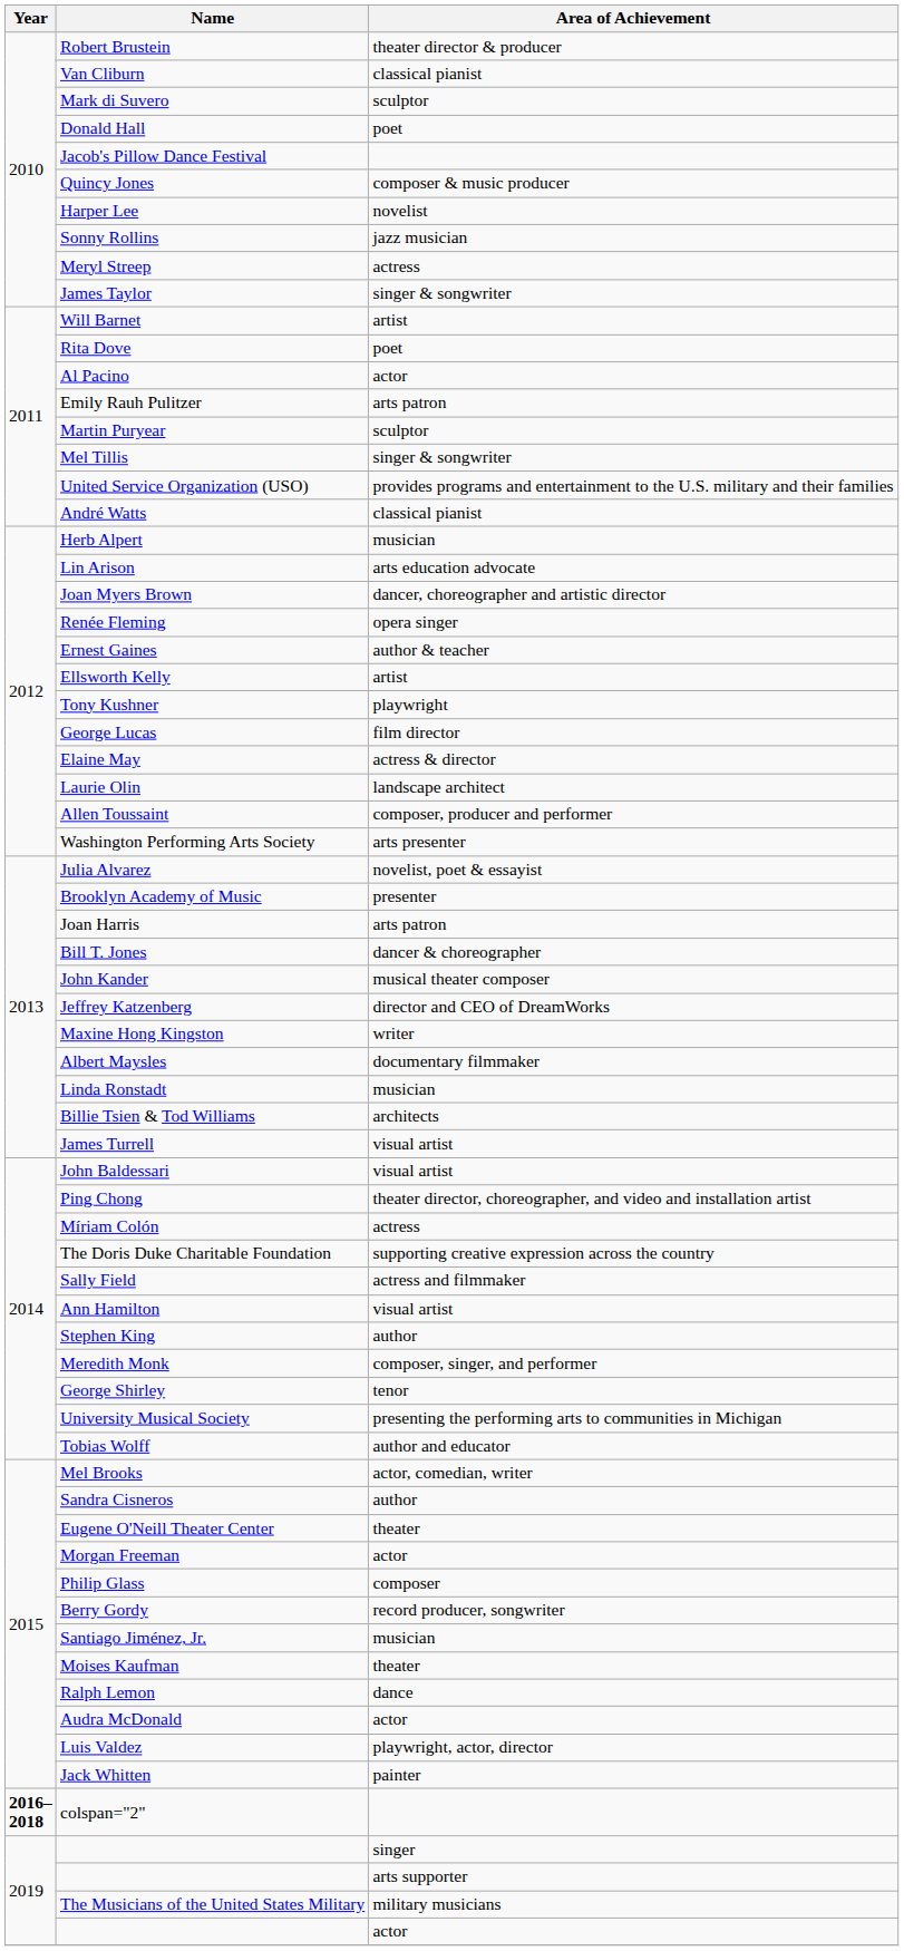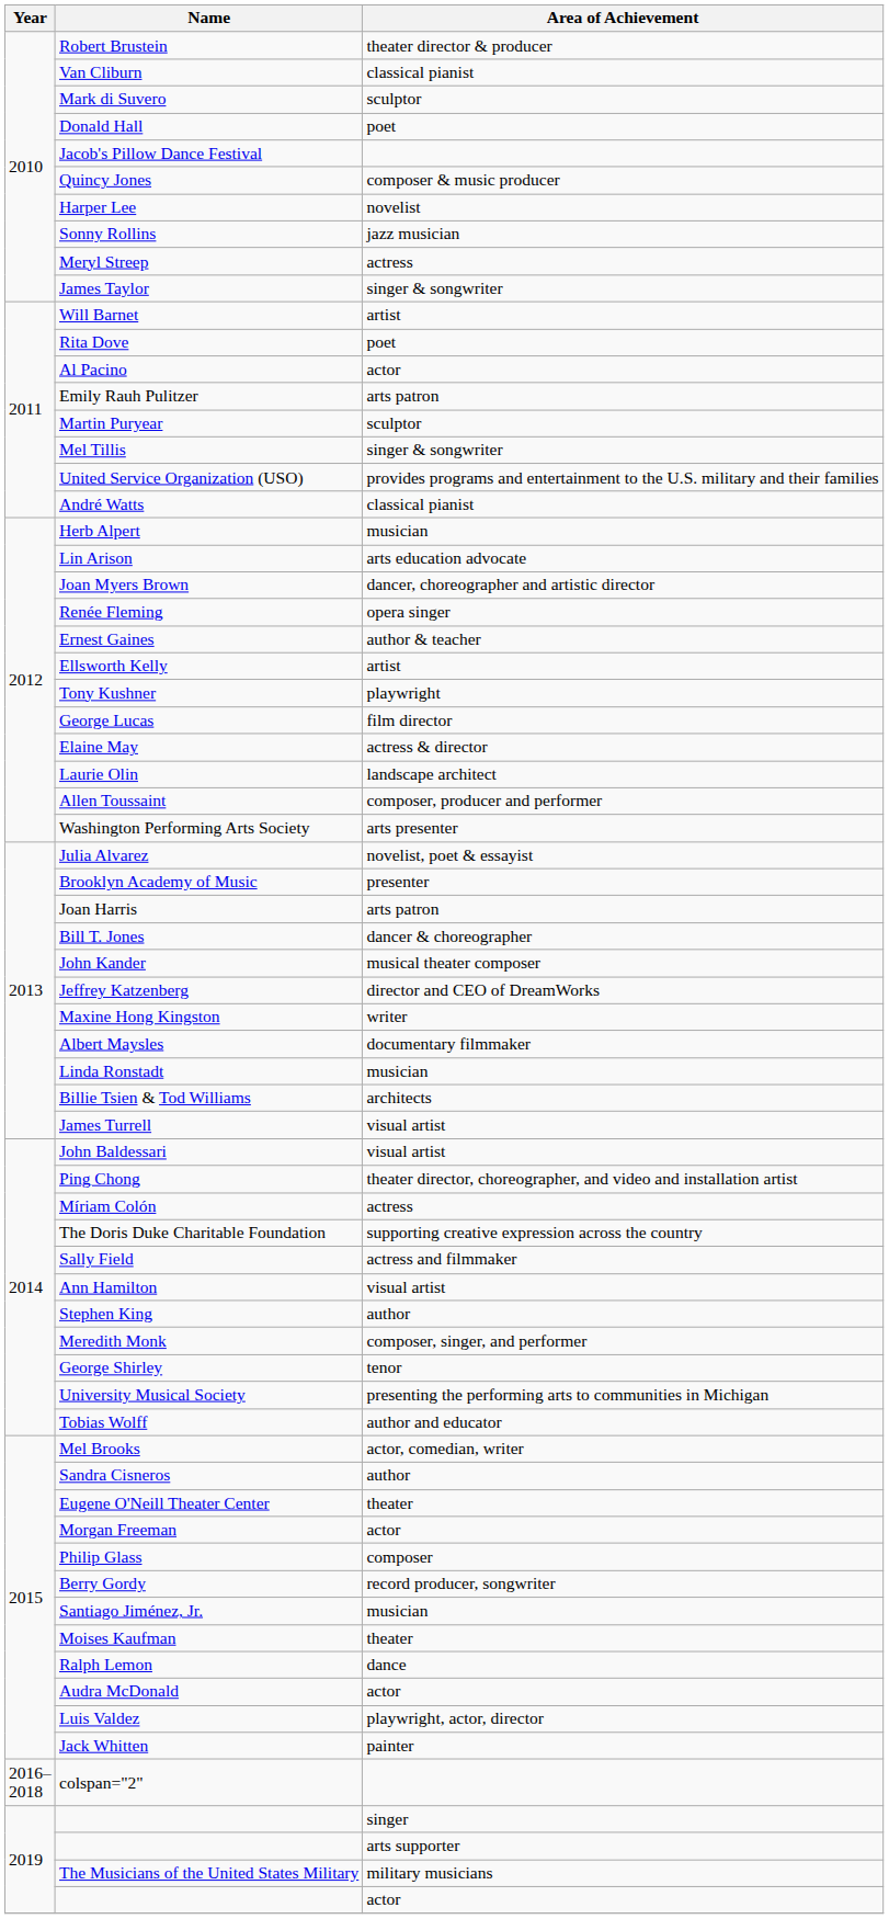 <table class="wikitable sortable">
 <tr>
 <th>Year</th>
 <th>Name</th>
 <th>Area of Achievement</th>
 </tr>
 <tr>
 <td rowspan="10">2010</td>
 <td data-sort-value="Brustein, Robert"><a href='#'>Robert Brustein</a></td>
 <td>theater director & producer</td>
 </tr>
 <tr>
 <td data-sort-value="Cliburn, Van"><a href='#'>Van Cliburn</a></td>
 <td>classical pianist</td>
 </tr>
 <tr>
 <td data-sort-value="di Suvero, Mark"><a href='#'>Mark di Suvero</a></td>
 <td>sculptor</td>
 </tr>
 <tr>
 <td data-sort-value="Hall, Donald"><a href='#'>Donald Hall</a></td>
 <td>poet</td>
 </tr>
 <tr>
 <td><a href='#'>Jacob's Pillow Dance Festival</a></td>
 <td></td>
 </tr>
 <tr>
 <td data-sort-value="Jones, Quincy"><a href='#'>Quincy Jones</a></td>
 <td>composer & music producer</td>
 </tr>
 <tr>
 <td data-sort-value="Lee, Harper"><a href='#'>Harper Lee</a></td>
 <td>novelist</td>
 </tr>
 <tr>
 <td data-sort-value="Rollins, Sonny"><a href='#'>Sonny Rollins</a></td>
 <td>jazz musician</td>
 </tr>
 <tr>
 <td data-sort-value="Streep, Meryl"><a href='#'>Meryl Streep</a></td>
 <td>actress</td>
 </tr>
 <tr>
 <td data-sort-value="Taylor, James"><a href='#'>James Taylor</a></td>
 <td>singer & songwriter</td>
 </tr>
 <tr>
 <td rowspan="8">2011</td>
 <td data-sort-value="Barnet, Will"><a href='#'>Will Barnet</a></td>
 <td>artist</td>
 </tr>
 <tr>
 <td data-sort-value="Dove, Rita"><a href='#'>Rita Dove</a></td>
 <td>poet</td>
 </tr>
 <tr>
 <td data-sort-value="Pacino, Al"><a href='#'>Al Pacino</a></td>
 <td>actor</td>
 </tr>
 <tr>
 <td data-sort-value="Pulitzer, Emily">Emily Rauh Pulitzer</td>
 <td>arts patron</td>
 </tr>
 <tr>
 <td data-sort-value="Puryear, Martin"><a href='#'>Martin Puryear</a></td>
 <td>sculptor</td>
 </tr>
 <tr>
 <td data-sort-value="Tillis, Mel"><a href='#'>Mel Tillis</a></td>
 <td>singer & songwriter</td>
 </tr>
 <tr>
 <td><a href='#'>United Service Organization</a> (USO)</td>
 <td>provides programs and entertainment to the U.S. military and their families</td>
 </tr>
 <tr>
 <td data-sort-value="Watts, André"><a href='#'>André Watts</a></td>
 <td>classical pianist</td>
 </tr>
 <tr>
 <td rowspan="12">2012</td>
 <td data-sort-value="Alpert, Herb"><a href='#'>Herb Alpert</a></td>
 <td>musician</td>
 </tr>
 <tr>
 <td data-sort-value="Arison, Lin"><a href='#'>Lin Arison</a></td>
 <td>arts education advocate</td>
 </tr>
 <tr>
 <td data-sort-value="Myers Brown, Joan"><a href='#'>Joan Myers Brown</a></td>
 <td>dancer, choreographer and artistic director</td>
 </tr>
 <tr>
 <td data-sort-value="Fleming, Renée"><a href='#'>Renée Fleming</a></td>
 <td>opera singer</td>
 </tr>
 <tr>
 <td data-sort-value="Gaines, Ernest"><a href='#'>Ernest Gaines</a></td>
 <td>author & teacher</td>
 </tr>
 <tr>
 <td data-sort-value="Kelly, Ellsworth"><a href='#'>Ellsworth Kelly</a></td>
 <td>artist</td>
 </tr>
 <tr>
 <td data-sort-value="Kushner, Tony"><a href='#'>Tony Kushner</a></td>
 <td>playwright</td>
 </tr>
 <tr>
 <td data-sort-value="Lucas, George"><a href='#'>George Lucas</a></td>
 <td>film director</td>
 </tr>
 <tr>
 <td data-sort-value="May, Elaine"><a href='#'>Elaine May</a></td>
 <td>actress & director</td>
 </tr>
 <tr>
 <td data-sort-value="Olin, Laurie"><a href='#'>Laurie Olin</a></td>
 <td>landscape architect</td>
 </tr>
 <tr>
 <td data-sort-value="Toussaint, Allen"><a href='#'>Allen Toussaint</a></td>
 <td>composer, producer and performer</td>
 </tr>
 <tr>
 <td data-sort-value="Washington Performing Arts Society">Washington Performing Arts Society</td>
 <td>arts presenter</td>
 </tr>
 <tr>
 <td rowspan="11">2013</td>
 <td data-sort-value="Alvarez, Julia"><a href='#'>Julia Alvarez</a></td>
 <td>novelist, poet & essayist</td>
 </tr>
 <tr>
 <td data-sort-value="Brooklyn Academy of Music"><a href='#'>Brooklyn Academy of Music</a></td>
 <td>presenter</td>
 </tr>
 <tr>
 <td data-sort-value="Harris, Joan">Joan Harris</td>
 <td>arts patron</td>
 </tr>
 <tr>
 <td data-sort-value="Jones, Bill T."><a href='#'>Bill T. Jones</a></td>
 <td>dancer & choreographer</td>
 </tr>
 <tr>
 <td data-sort-value="Kander, John"><a href='#'>John Kander</a></td>
 <td>musical theater composer</td>
 </tr>
 <tr>
 <td data-sort-value="Katzenberg, Jeffrey"><a href='#'>Jeffrey Katzenberg</a></td>
 <td>director and CEO of DreamWorks</td>
 </tr>
 <tr>
 <td data-sort-value="Kingston, Maxine Hong"><a href='#'>Maxine Hong Kingston</a></td>
 <td>writer</td>
 </tr>
 <tr>
 <td data-sort-value="Maysles, Albert"><a href='#'>Albert Maysles</a></td>
 <td>documentary filmmaker</td>
 </tr>
 <tr>
 <td data-sort-value="Ronstadt, Linda"><a href='#'>Linda Ronstadt</a></td>
 <td>musician</td>
 </tr>
 <tr>
 <td data-sort-value="Tsien, Billie" "Williams, Tod"><a href='#'>Billie Tsien</a> & <a href='#'>Tod Williams</a></td>
 <td>architects</td>
 </tr>
 <tr>
 <td data-sort-value="Turrells, James"><a href='#'>James Turrell</a></td>
 <td>visual artist</td>
 </tr>
 <tr>
 <td rowspan="11">2014</td>
 <td data-sort-value="Baldessari, John"><a href='#'>John Baldessari</a></td>
 <td>visual artist</td>
 </tr>
 <tr>
 <td data-sort-value="Chong, Ping"><a href='#'>Ping Chong</a></td>
 <td>theater director, choreographer, and video and installation artist</td>
 </tr>
 <tr>
 <td data-sort-value="Colón, Miriam"><a href='#'>Míriam Colón</a></td>
 <td>actress</td>
 </tr>
 <tr>
 <td data-sort-value="Duke">The Doris Duke Charitable Foundation</td>
 <td>supporting creative expression across the country</td>
 </tr>
 <tr>
 <td data-sort-value="Field, Sally"><a href='#'>Sally Field</a></td>
 <td>actress and filmmaker</td>
 </tr>
 <tr>
 <td data-sort-value="Hamilton, Ann"><a href='#'>Ann Hamilton</a></td>
 <td>visual artist</td>
 </tr>
 <tr>
 <td data-sort-value="King, Stephen"><a href='#'>Stephen King</a></td>
 <td>author</td>
 </tr>
 <tr>
 <td data-sort-value="Monk, Meredith"><a href='#'>Meredith Monk</a></td>
 <td>composer, singer, and performer</td>
 </tr>
 <tr>
 <td data-sort-value="Shirley, George"><a href='#'>George Shirley</a></td>
 <td>tenor</td>
 </tr>
 <tr>
 <td data-sort-value="University Musical Society"><a href='#'>University Musical Society</a></td>
 <td>presenting the performing arts to communities in Michigan</td>
 </tr>
 <tr>
 <td data-sort-value="Wolff, Tobias"><a href='#'>Tobias Wolff</a></td>
 <td>author and educator</td>
 </tr>
 <tr>
 <td rowspan="12">2015</td>
 <td data-sort-value="Brooks, Mel"><a href='#'>Mel Brooks</a></td>
 <td>actor, comedian, writer</td>
 </tr>
 <tr>
 <td data-sort-value="Cisneros, Sandra"><a href='#'>Sandra Cisneros</a></td>
 <td>author</td>
 </tr>
 <tr>
 <td data-sort-value="Eugene O'Neill Theater Center"><a href='#'>Eugene O'Neill Theater Center</a></td>
 <td>theater</td>
 </tr>
 <tr>
 <td data-sort-value="Freeman, Morgan"><a href='#'>Morgan Freeman</a></td>
 <td>actor</td>
 </tr>
 <tr>
 <td data-sort-value="Glass, Philip"><a href='#'>Philip Glass</a></td>
 <td>composer</td>
 </tr>
 <tr>
 <td data-sort-value="Gordy, Berry"><a href='#'>Berry Gordy</a></td>
 <td>record producer, songwriter</td>
 </tr>
 <tr>
 <td data-sort-value="Jiménez, Santiago, Jr."><a href='#'>Santiago Jiménez, Jr.</a></td>
 <td>musician</td>
 </tr>
 <tr>
 <td data-sort-value="Kaufman, Moises"><a href='#'>Moises Kaufman</a></td>
 <td>theater</td>
 </tr>
 <tr>
 <td data-sort-value="Lemon, Ralph"><a href='#'>Ralph Lemon</a></td>
 <td>dance</td>
 </tr>
 <tr>
 <td data-sort-value="McDonald, Audra"><a href='#'>Audra McDonald</a></td>
 <td>actor</td>
 </tr>
 <tr>
 <td data-sort-value="Valdez, Luis"><a href='#'>Luis Valdez</a></td>
 <td>playwright, actor, director</td>
 </tr>
 <tr>
 <td data-sort-value="Whitten, Jack"><a href='#'>Jack Whitten</a></td>
 <td>painter</td>
 </tr>
 <tr class="sortbottom">
-<td><strong>2016–<br>2018</strong></td>
+<td>2016–<br>2018</td>
 <td>colspan="2" </td>
 </tr>
 <tr>
 <td rowspan="4">2019</td>
 <td></td>
 <td>singer</td>
 </tr>
 <tr>
 <td></td>
 <td>arts supporter</td>
 </tr>
 <tr>
 <td><a href='#'>The Musicians of the United States Military</a></td>
 <td>military musicians</td>
 </tr>
 <tr>
 <td></td>
 <td>actor</td>
 </tr>
 <tr>
 </tr>
 </table>
